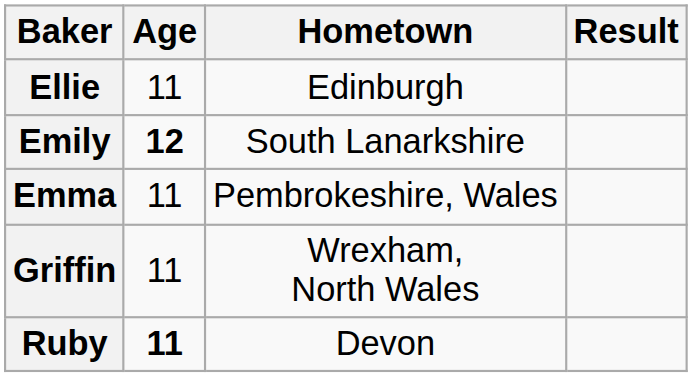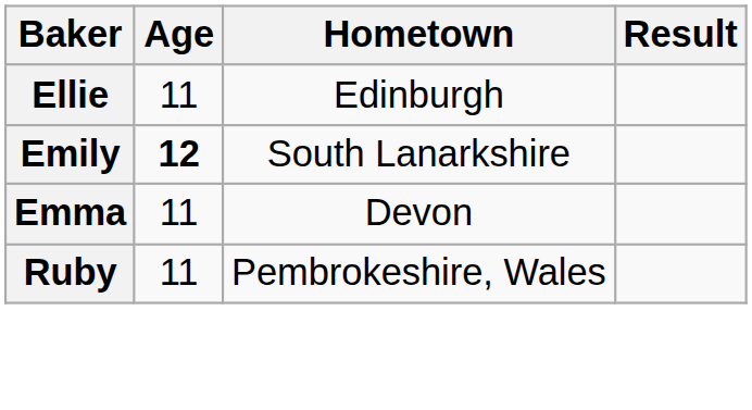 <table class="wikitable sortable" style="display:inline-table; text-align:center">
 <tr>
 <th scope="col">Baker</th>
 <th scope="col">Age</th>
 <th scope="col">Hometown</th>
 <th scope="col">Result</th>
 </tr>
 <tr>
 <th scope="row">Ellie</th>
 <td>11</td>
 <td>Edinburgh</td>
 <td></td>
 </tr>
 <tr>
 <th scope="row">Emily</th>
 <td><strong>12</strong></td>
 <td>South Lanarkshire</td>
 <td></td>
 </tr>
 <tr>
 <th scope="row">Emma</th>
 <td>11</td>
-<td>Pembrokeshire, Wales</td>
-<td></td>
-</tr>
-<tr>
-<th scope="row">Griffin</th>
-<td>11</td>
-<td>Wrexham,<br>North Wales</td>
+<td>Devon</td>
 <td></td>
 </tr>
 <tr>
 <th scope="row">Ruby</th>
-<td><strong>11</strong></td>
-<td>Devon</td>
+<td>11</td>
+<td>Pembrokeshire, Wales</td>
 <td></td>
 </tr>
 </table>
